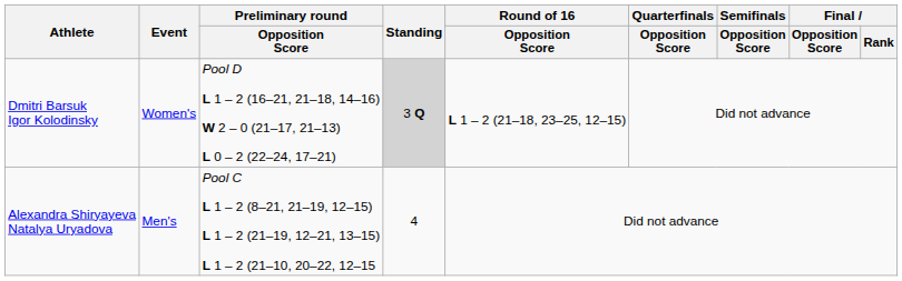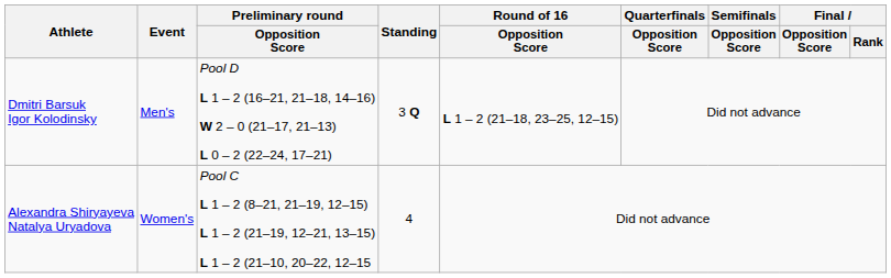 <table class=wikitable style="font-size:90%">
 <tr>
 <th rowspan="2">Athlete</th>
 <th rowspan="2">Event</th>
 <th>Preliminary round</th>
 <th rowspan="2">Standing</th>
 <th>Round of 16</th>
 <th>Quarterfinals</th>
 <th>Semifinals</th>
 <th colspan=2>Final / </th>
 </tr>
 <tr style="font-size:95%">
 <th>Opposition<br>Score</th>
 <th>Opposition<br>Score</th>
 <th>Opposition<br>Score</th>
 <th>Opposition<br>Score</th>
 <th>Opposition<br>Score</th>
 <th>Rank</th>
 </tr>
 <tr align=center>
 <td align=left><a href='#'>Dmitri Barsuk</a><br><a href='#'>Igor Kolodinsky</a></td>
-<td align=left><a href='#'>Women's</a></td>
+<td align=left><a href='#'>Men's</a></td>
 <td align=left><em>Pool D</em><br><br><strong>L</strong> 1 – 2 (16–21, 21–18, 14–16)<br><br><strong>W</strong> 2 – 0 (21–17, 21–13)<br><br><strong>L</strong> 0 – 2 (22–24, 17–21)</td>
-<td style="background: lightgrey;">3 <strong>Q</strong></td>
+<td>3 <strong>Q</strong></td>
 <td><br><strong>L</strong> 1 – 2 (21–18, 23–25, 12–15)</td>
 <td colspan=4>Did not advance</td>
 </tr>
 <tr align=center>
 <td align=left><a href='#'>Alexandra Shiryayeva</a><br><a href='#'>Natalya Uryadova</a></td>
-<td align=left><a href='#'>Men's</a></td>
+<td align=left><a href='#'>Women's</a></td>
 <td align=left><em>Pool C</em><br><br><strong>L</strong> 1 – 2 (8–21, 21–19, 12–15)<br><br><strong>L</strong> 1 – 2 (21–19, 12–21, 13–15)<br><br><strong>L</strong> 1 – 2 (21–10, 20–22, 12–15</td>
 <td>4</td>
 <td colspan=5>Did not advance</td>
 </tr>
 </table>
